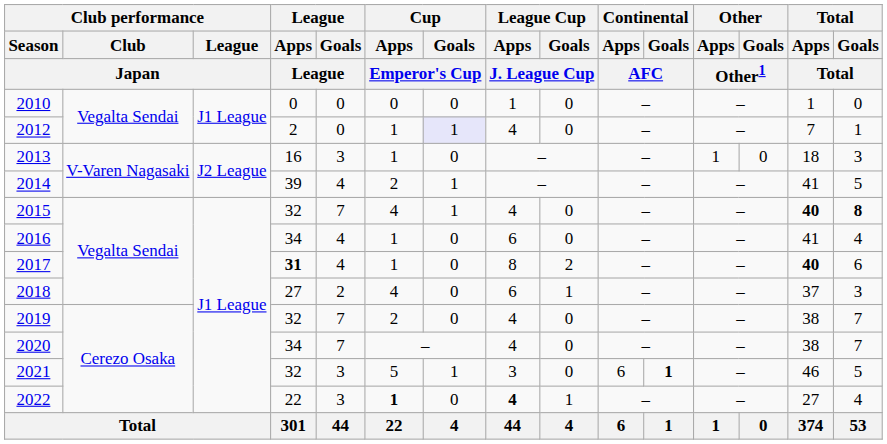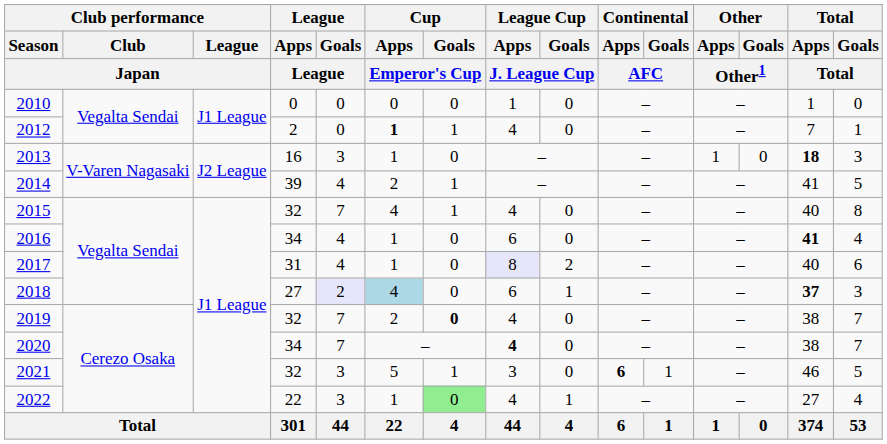 <table class="wikitable" style="text-align:center;">
 <tr>
 <th colspan=3>Club performance</th>
 <th colspan=2>League</th>
 <th colspan=2>Cup</th>
 <th colspan=2>League Cup</th>
 <th colspan="2">Continental</th>
 <th colspan=2>Other</th>
 <th colspan=2>Total</th>
 </tr>
 <tr>
 <th>Season</th>
 <th>Club</th>
 <th>League</th>
 <th>Apps</th>
 <th>Goals</th>
 <th>Apps</th>
 <th>Goals</th>
 <th>Apps</th>
 <th>Goals</th>
 <th>Apps</th>
 <th>Goals</th>
 <th>Apps</th>
 <th>Goals</th>
 <th>Apps</th>
 <th>Goals</th>
 </tr>
 <tr>
 <th colspan=3>Japan</th>
 <th colspan=2>League</th>
 <th colspan=2><a href='#'>Emperor's Cup</a></th>
 <th colspan=2><a href='#'>J. League Cup</a></th>
 <th colspan="2"><a href='#'>AFC</a></th>
 <th colspan="2">Other<sup><a href='#'>1</a></sup></th>
 <th colspan=2>Total</th>
 </tr>
 <tr>
 <td><a href='#'>2010</a></td>
 <td rowspan="2"><a href='#'>Vegalta Sendai</a></td>
 <td rowspan="2"><a href='#'>J1 League</a></td>
 <td>0</td>
 <td>0</td>
 <td>0</td>
 <td>0</td>
 <td>1</td>
 <td>0</td>
 <td colspan="2">–</td>
 <td colspan="2">–</td>
 <td>1</td>
 <td>0</td>
 </tr>
 <tr>
 <td><a href='#'>2012</a></td>
 <td>2</td>
 <td>0</td>
+<td><strong>1</strong></td>
 <td>1</td>
-<td style="background: lavender;">1</td>
 <td>4</td>
 <td>0</td>
 <td colspan="2">–</td>
 <td colspan="2">–</td>
 <td>7</td>
 <td>1</td>
 </tr>
 <tr>
 <td><a href='#'>2013</a></td>
 <td rowspan="2"><a href='#'>V-Varen Nagasaki</a></td>
 <td rowspan="2"><a href='#'>J2 League</a></td>
 <td>16</td>
 <td>3</td>
 <td>1</td>
 <td>0</td>
 <td colspan="2">–</td>
 <td colspan="2">–</td>
 <td>1</td>
 <td>0</td>
-<td>18</td>
+<td><strong>18</strong></td>
 <td>3</td>
 </tr>
 <tr>
 <td><a href='#'>2014</a></td>
 <td>39</td>
 <td>4</td>
 <td>2</td>
 <td>1</td>
 <td colspan="2">–</td>
 <td colspan="2">–</td>
 <td colspan="2">–</td>
 <td>41</td>
 <td>5</td>
 </tr>
 <tr>
 <td><a href='#'>2015</a></td>
 <td rowspan="4"><a href='#'>Vegalta Sendai</a></td>
 <td rowspan="8"><a href='#'>J1 League</a></td>
 <td>32</td>
 <td>7</td>
 <td>4</td>
 <td>1</td>
 <td>4</td>
 <td>0</td>
 <td colspan="2">–</td>
 <td colspan="2">–</td>
-<td><strong>40</strong></td>
-<td><strong>8</strong></td>
+<td>40</td>
+<td>8</td>
 </tr>
 <tr>
 <td><a href='#'>2016</a></td>
 <td>34</td>
 <td>4</td>
 <td>1</td>
 <td>0</td>
 <td>6</td>
 <td>0</td>
 <td colspan="2">–</td>
 <td colspan="2">–</td>
-<td>41</td>
+<td><strong>41</strong></td>
 <td>4</td>
 </tr>
 <tr>
 <td><a href='#'>2017</a></td>
-<td><strong>31</strong></td>
+<td>31</td>
 <td>4</td>
 <td>1</td>
 <td>0</td>
-<td>8</td>
+<td style="background: lavender;">8</td>
 <td>2</td>
 <td colspan="2">–</td>
 <td colspan="2">–</td>
-<td><strong>40</strong></td>
+<td>40</td>
 <td>6</td>
 </tr>
 <tr>
 <td><a href='#'>2018</a></td>
 <td>27</td>
-<td>2</td>
-<td>4</td>
+<td style="background: lavender;">2</td>
+<td style="background: lightblue;">4</td>
 <td>0</td>
 <td>6</td>
 <td>1</td>
 <td colspan="2">–</td>
 <td colspan="2">–</td>
-<td>37</td>
+<td><strong>37</strong></td>
 <td>3</td>
 </tr>
 <tr>
 <td><a href='#'>2019</a></td>
 <td rowspan="4"><a href='#'>Cerezo Osaka</a></td>
 <td>32</td>
 <td>7</td>
 <td>2</td>
-<td>0</td>
+<td><strong>0</strong></td>
 <td>4</td>
 <td>0</td>
 <td colspan="2">–</td>
 <td colspan="2">–</td>
 <td>38</td>
 <td>7</td>
 </tr>
 <tr>
 <td><a href='#'>2020</a></td>
 <td>34</td>
 <td>7</td>
 <td colspan="2">–</td>
-<td>4</td>
+<td><strong>4</strong></td>
 <td>0</td>
 <td colspan="2">–</td>
 <td colspan="2">–</td>
 <td>38</td>
 <td>7</td>
 </tr>
 <tr>
 <td><a href='#'>2021</a></td>
 <td>32</td>
 <td>3</td>
 <td>5</td>
 <td>1</td>
 <td>3</td>
 <td>0</td>
-<td>6</td>
-<td><strong>1</strong></td>
+<td><strong>6</strong></td>
+<td>1</td>
 <td colspan="2">–</td>
 <td>46</td>
 <td>5</td>
 </tr>
 <tr>
 <td><a href='#'>2022</a></td>
 <td>22</td>
 <td>3</td>
-<td><strong>1</strong></td>
-<td>0</td>
-<td><strong>4</strong></td>
+<td>1</td>
+<td style="background: lightgreen;">0</td>
+<td>4</td>
 <td>1</td>
 <td colspan="2">–</td>
 <td colspan="2">–</td>
 <td>27</td>
 <td>4</td>
 </tr>
 <tr>
 <th colspan="3">Total</th>
 <th>301</th>
 <th>44</th>
 <th>22</th>
 <th>4</th>
 <th>44</th>
 <th>4</th>
 <th>6</th>
 <th>1</th>
 <th>1</th>
 <th>0</th>
 <th>374</th>
 <th>53</th>
 </tr>
 </table>
